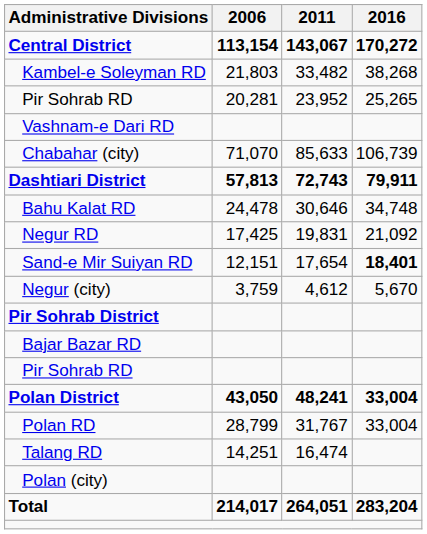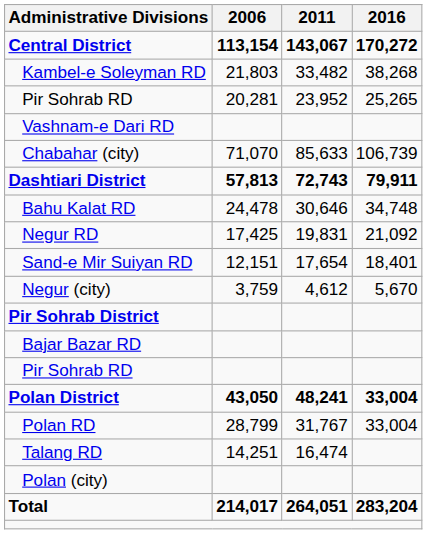 <table class="wikitable">
 <tr>
 <th>Administrative Divisions</th>
 <th>2006</th>
 <th>2011</th>
 <th>2016</th>
 </tr>
 <tr>
 <td><strong><a href='#'>Central District</a></strong></td>
 <td style="text-align: right;"><strong>113,154</strong></td>
 <td style="text-align: right;"><strong>143,067</strong></td>
 <td style="text-align: right;"><strong>170,272</strong></td>
 </tr>
 <tr>
 <td style="padding-left: 1em;"><a href='#'>Kambel-e Soleyman RD</a></td>
 <td style="text-align: right;">21,803</td>
 <td style="text-align: right;">33,482</td>
 <td style="text-align: right;">38,268</td>
 </tr>
 <tr>
 <td style="padding-left: 1em;">Pir Sohrab RD</td>
 <td style="text-align: right;">20,281</td>
 <td style="text-align: right;">23,952</td>
 <td style="text-align: right;">25,265</td>
 </tr>
 <tr>
 <td style="padding-left: 1em;"><a href='#'>Vashnam-e Dari RD</a></td>
 <td style="text-align: right;"></td>
 <td style="text-align: right;"></td>
 <td style="text-align: right;"></td>
 </tr>
 <tr>
 <td style="padding-left: 1em;"><a href='#'>Chabahar</a> (city)</td>
 <td style="text-align: right;">71,070</td>
 <td style="text-align: right;">85,633</td>
 <td style="text-align: right;">106,739</td>
 </tr>
 <tr>
 <td><strong><a href='#'>Dashtiari District</a></strong></td>
 <td style="text-align: right;"><strong>57,813</strong></td>
 <td style="text-align: right;"><strong>72,743</strong></td>
 <td style="text-align: right;"><strong>79,911</strong></td>
 </tr>
 <tr>
 <td style="padding-left: 1em;"><a href='#'>Bahu Kalat RD</a></td>
 <td style="text-align: right;">24,478</td>
 <td style="text-align: right;">30,646</td>
 <td style="text-align: right;">34,748</td>
 </tr>
 <tr>
 <td style="padding-left: 1em;"><a href='#'>Negur RD</a></td>
 <td style="text-align: right;">17,425</td>
 <td style="text-align: right;">19,831</td>
 <td style="text-align: right;">21,092</td>
 </tr>
 <tr>
 <td style="padding-left: 1em;"><a href='#'>Sand-e Mir Suiyan RD</a></td>
 <td style="text-align: right;">12,151</td>
 <td style="text-align: right;">17,654</td>
-<td style="text-align: right;"><strong>18,401</strong></td>
+<td style="text-align: right;">18,401</td>
 </tr>
 <tr>
 <td style="padding-left: 1em;"><a href='#'>Negur</a> (city)</td>
 <td style="text-align: right;">3,759</td>
 <td style="text-align: right;">4,612</td>
 <td style="text-align: right;">5,670</td>
 </tr>
 <tr>
 <td><strong><a href='#'>Pir Sohrab District</a></strong></td>
 <td style="text-align: right;"></td>
 <td style="text-align: right;"></td>
 <td style="text-align: right;"></td>
 </tr>
 <tr>
 <td style="padding-left: 1em;"><a href='#'>Bajar Bazar RD</a></td>
 <td style="text-align: right;"></td>
 <td style="text-align: right;"></td>
 <td style="text-align: right;"></td>
 </tr>
 <tr>
 <td style="padding-left: 1em;"><a href='#'>Pir Sohrab RD</a></td>
 <td style="text-align: right;"></td>
 <td style="text-align: right;"></td>
 <td style="text-align: right;"></td>
 </tr>
 <tr>
 <td><strong><a href='#'>Polan District</a></strong></td>
 <td style="text-align: right;"><strong>43,050</strong></td>
 <td style="text-align: right;"><strong>48,241</strong></td>
 <td style="text-align: right;"><strong>33,004</strong></td>
 </tr>
 <tr>
 <td style="padding-left: 1em;"><a href='#'>Polan RD</a></td>
 <td style="text-align: right;">28,799</td>
 <td style="text-align: right;">31,767</td>
 <td style="text-align: right;">33,004</td>
 </tr>
 <tr>
 <td style="padding-left: 1em;"><a href='#'>Talang RD</a></td>
 <td style="text-align: right;">14,251</td>
 <td style="text-align: right;">16,474</td>
 <td style="text-align: right;"></td>
 </tr>
 <tr>
 <td style="padding-left: 1em;"><a href='#'>Polan</a> (city)</td>
 <td style="text-align: right;"></td>
 <td style="text-align: right;"></td>
 <td style="text-align: right;"></td>
 </tr>
 <tr>
 <td><strong>Total</strong></td>
 <td style="text-align: right;"><strong>214,017</strong></td>
 <td style="text-align: right;"><strong>264,051</strong></td>
 <td style="text-align: right;"><strong>283,204</strong></td>
 </tr>
 <tr>
 <td colspan=4></td>
 </tr>
 </table>
